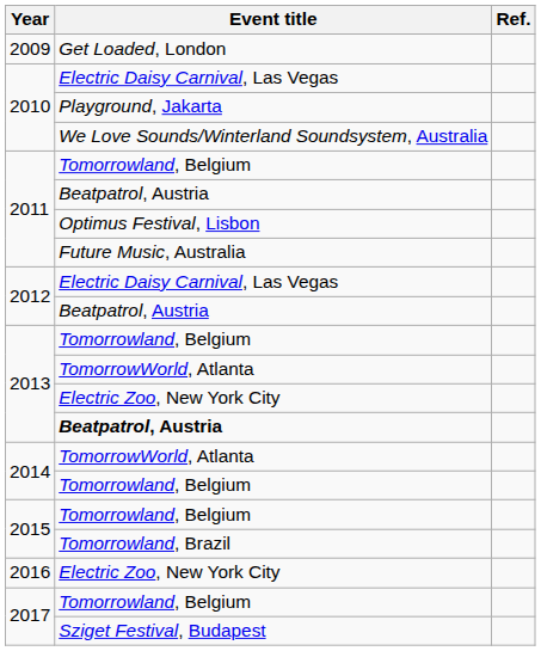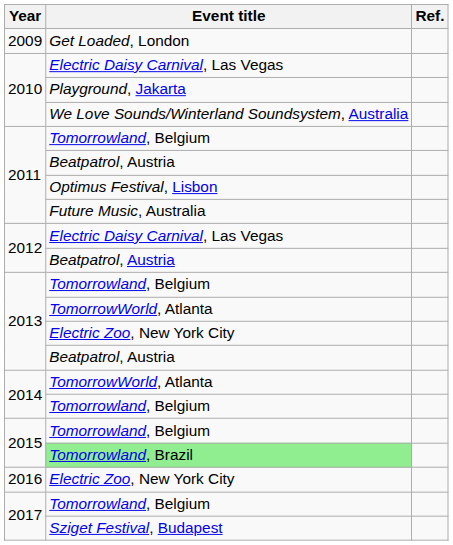 <table class="wikitable">
 <tr>
 <th>Year</th>
 <th>Event title</th>
 <th>Ref.</th>
 </tr>
 <tr>
 <td>2009</td>
 <td><em>Get Loaded</em>, London</td>
 <td></td>
 </tr>
 <tr>
 <td rowspan="3">2010</td>
 <td><em><a href='#'>Electric Daisy Carnival</a></em>, Las Vegas</td>
 <td></td>
 </tr>
 <tr>
 <td><em>Playground</em>, <a href='#'>Jakarta</a></td>
 <td></td>
 </tr>
 <tr>
 <td><em>We Love Sounds/Winterland Soundsystem</em>, <a href='#'>Australia</a></td>
 <td></td>
 </tr>
 <tr>
 <td rowspan="4">2011</td>
 <td><em><a href='#'>Tomorrowland</a></em>, Belgium</td>
 <td></td>
 </tr>
 <tr>
 <td><em>Beatpatrol</em>, Austria</td>
 <td></td>
 </tr>
 <tr>
 <td><em>Optimus Festival</em>, <a href='#'>Lisbon</a></td>
 <td></td>
 </tr>
 <tr>
 <td><em>Future Music</em>, Australia</td>
 <td></td>
 </tr>
 <tr>
 <td rowspan="2">2012</td>
 <td><em><a href='#'>Electric Daisy Carnival</a></em>, Las Vegas</td>
 <td></td>
 </tr>
 <tr>
 <td><em>Beatpatrol</em>, <a href='#'>Austria</a></td>
 <td></td>
 </tr>
 <tr>
 <td rowspan="4">2013</td>
 <td><em><a href='#'>Tomorrowland</a></em>, Belgium</td>
 <td></td>
 </tr>
 <tr>
 <td><em><a href='#'>TomorrowWorld</a></em>, Atlanta</td>
 <td></td>
 </tr>
 <tr>
 <td><em><a href='#'>Electric Zoo</a></em>, New York City</td>
 <td></td>
 </tr>
 <tr>
-<td><strong><em>Beatpatrol</em>, Austria</strong></td>
+<td><em>Beatpatrol</em>, Austria</td>
 <td></td>
 </tr>
 <tr>
 <td rowspan="2">2014</td>
 <td><em><a href='#'>TomorrowWorld</a></em>, Atlanta</td>
 <td></td>
 </tr>
 <tr>
 <td><em><a href='#'>Tomorrowland</a></em>, Belgium</td>
 <td></td>
 </tr>
 <tr>
 <td rowspan="2">2015</td>
 <td><em><a href='#'>Tomorrowland</a></em>, Belgium</td>
 <td></td>
 </tr>
 <tr>
-<td><em><a href='#'>Tomorrowland</a></em>, Brazil</td>
+<td style="background: lightgreen;"><em><a href='#'>Tomorrowland</a></em>, Brazil</td>
 <td></td>
 </tr>
 <tr>
 <td>2016</td>
 <td><em><a href='#'>Electric Zoo</a></em>, New York City</td>
 <td></td>
 </tr>
 <tr>
 <td rowspan="2">2017</td>
 <td><em><a href='#'>Tomorrowland</a></em>, Belgium</td>
 <td></td>
 </tr>
 <tr>
 <td><em><a href='#'>Sziget Festival</a></em>, <a href='#'>Budapest</a></td>
 <td></td>
 </tr>
 </table>
